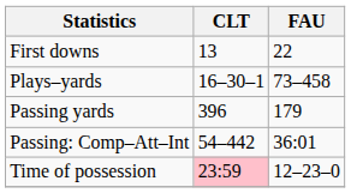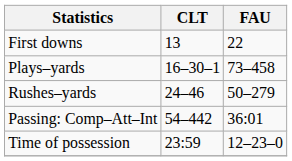 <table class="wikitable" style="float: left;">
 <tr>
 <th>Statistics</th>
 <th>CLT</th>
 <th>FAU</th>
 </tr>
 <tr>
 <td>First downs</td>
 <td>13</td>
 <td>22</td>
 </tr>
 <tr>
 <td>Plays–yards</td>
 <td>16–30–1</td>
 <td>73–458</td>
 </tr>
 <tr>
-<td>Passing yards</td>
-<td>396</td>
-<td>179</td>
+<td>Rushes–yards</td>
+<td>24–46</td>
+<td>50–279</td>
 </tr>
 <tr>
 <td>Passing: Comp–Att–Int</td>
 <td>54–442</td>
 <td>36:01</td>
 </tr>
 <tr>
 <td>Time of possession</td>
-<td style="background: pink;">23:59</td>
+<td>23:59</td>
 <td>12–23–0</td>
 </tr>
 <tr>
 </tr>
 </table>
